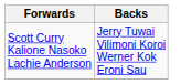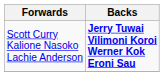 <table class=wikitable style="text-align: left;">
 <tr>
 <th align=center>Forwards</th>
 <th align=center>Backs</th>
 </tr>
 <tr>
 <td> <a href='#'>Scott Curry</a> <br>  <a href='#'>Kalione Nasoko</a> <br>  <a href='#'>Lachie Anderson</a></td>
-<td> <a href='#'>Jerry Tuwai</a> <br>  <a href='#'>Vilimoni Koroi</a> <br>  <a href='#'>Werner Kok</a> <br>  <a href='#'>Eroni Sau</a></td>
+<td><strong> <a href='#'>Jerry Tuwai</a> <br>  <a href='#'>Vilimoni Koroi</a> <br>  <a href='#'>Werner Kok</a> <br>  <a href='#'>Eroni Sau</a></strong></td>
 </tr>
 <tr>
 </tr>
 </table>
